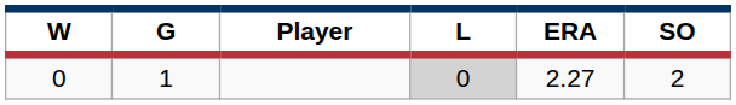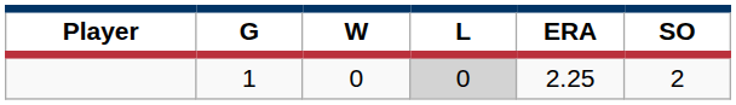 <table class="wikitable sortable">
 <tr>
+<th style="background:#FFFFFF; border-top:#023465 5px solid; border-bottom:#ba313c 5px solid;" width="16%">Player</th>
+<th style="background:#FFFFFF; border-top:#023465 5px solid; border-bottom:#ba313c 5px solid;" width="9%">G</th>
 <th style="background:#FFFFFF; border-top:#023465 5px solid; border-bottom:#ba313c 5px solid;" width="9%">W</th>
-<th style="background:#FFFFFF; border-top:#023465 5px solid; border-bottom:#ba313c 5px solid;" width="9%">G</th>
-<th style="background:#FFFFFF; border-top:#023465 5px solid; border-bottom:#ba313c 5px solid;" width="16%">Player</th>
 <th style="background:#FFFFFF; border-top:#023465 5px solid; border-bottom:#ba313c 5px solid;" width="9%">L</th>
 <th style="background:#FFFFFF; border-top:#023465 5px solid; border-bottom:#ba313c 5px solid;" width="9%">ERA</th>
 <th style="background:#FFFFFF; border-top:#023465 5px solid; border-bottom:#ba313c 5px solid;" width="9%">SO</th>
 </tr>
 <tr align="center">
+<td></td>
+<td>1</td>
 <td>0</td>
-<td>1</td>
-<td></td>
 <td style="background: lightgrey;">0</td>
-<td>2.27</td>
+<td>2.25</td>
 <td>2</td>
 </tr>
 </table>
